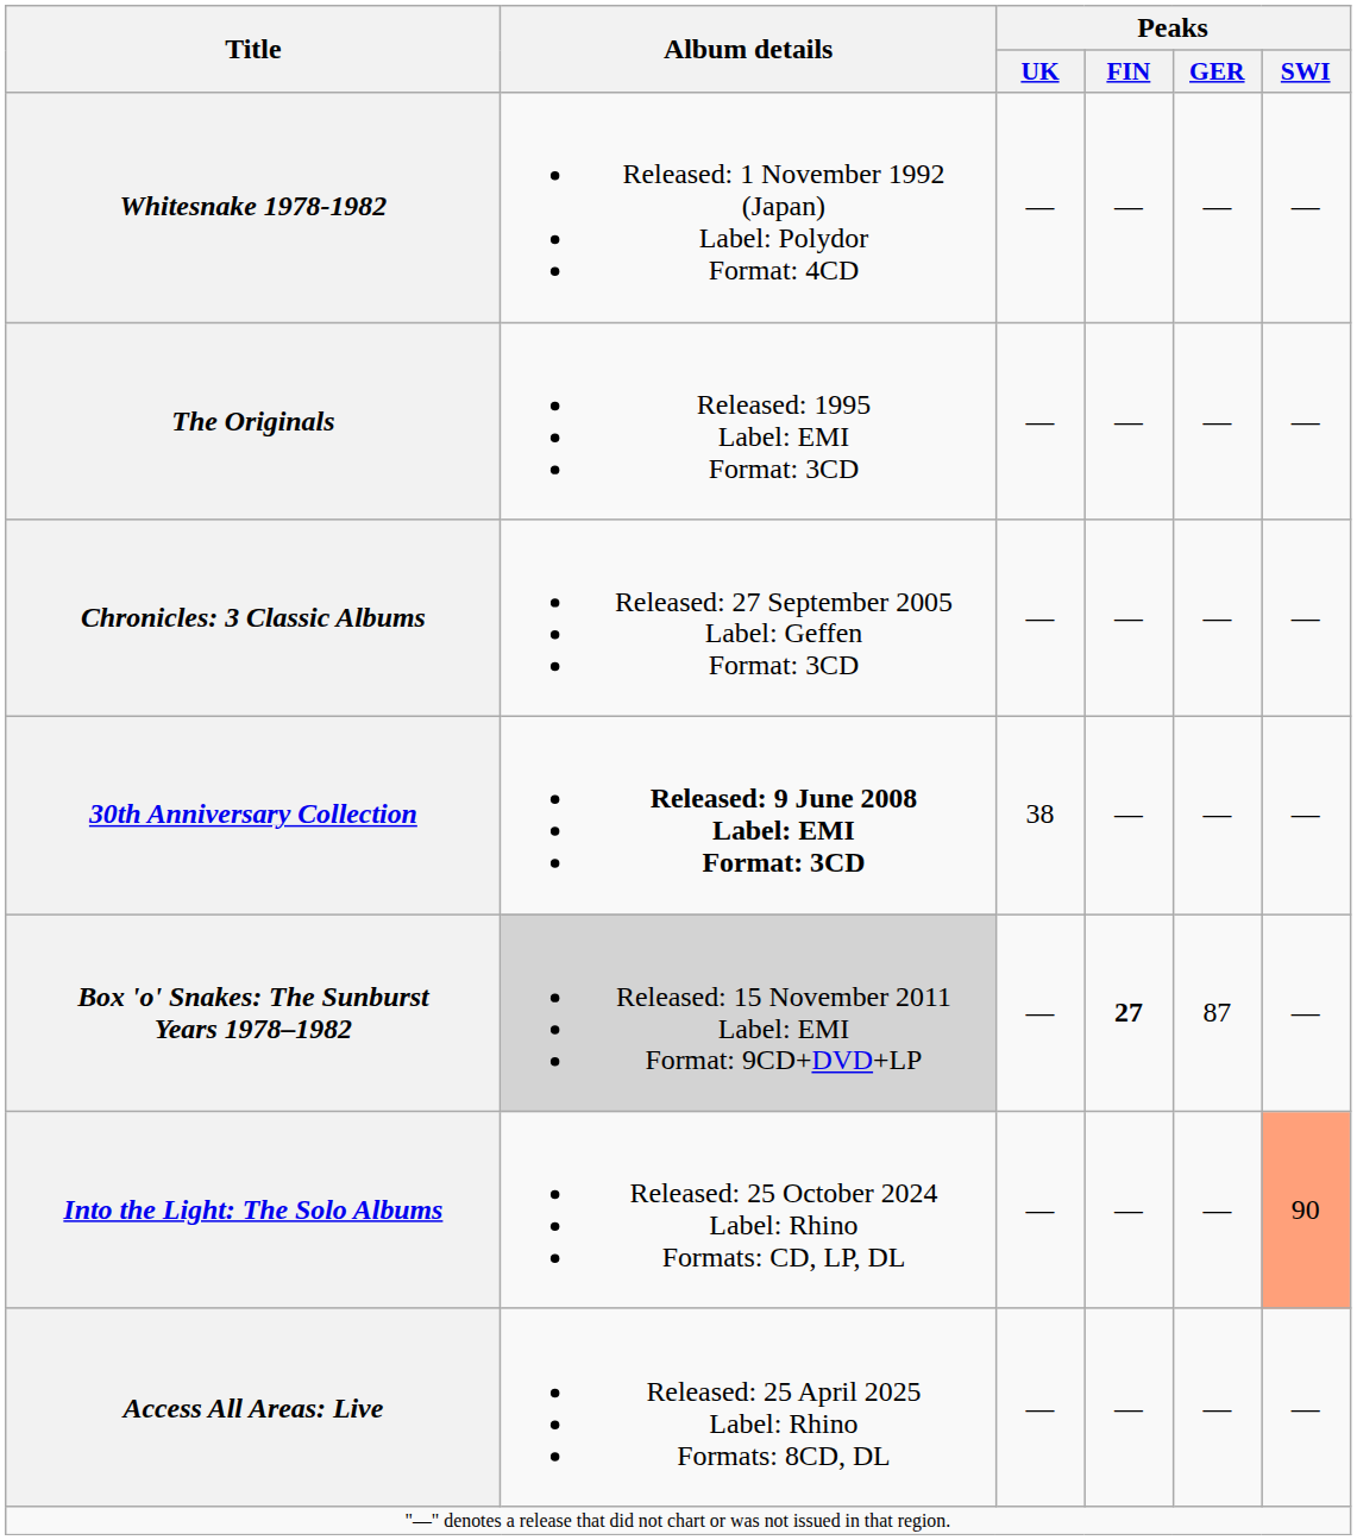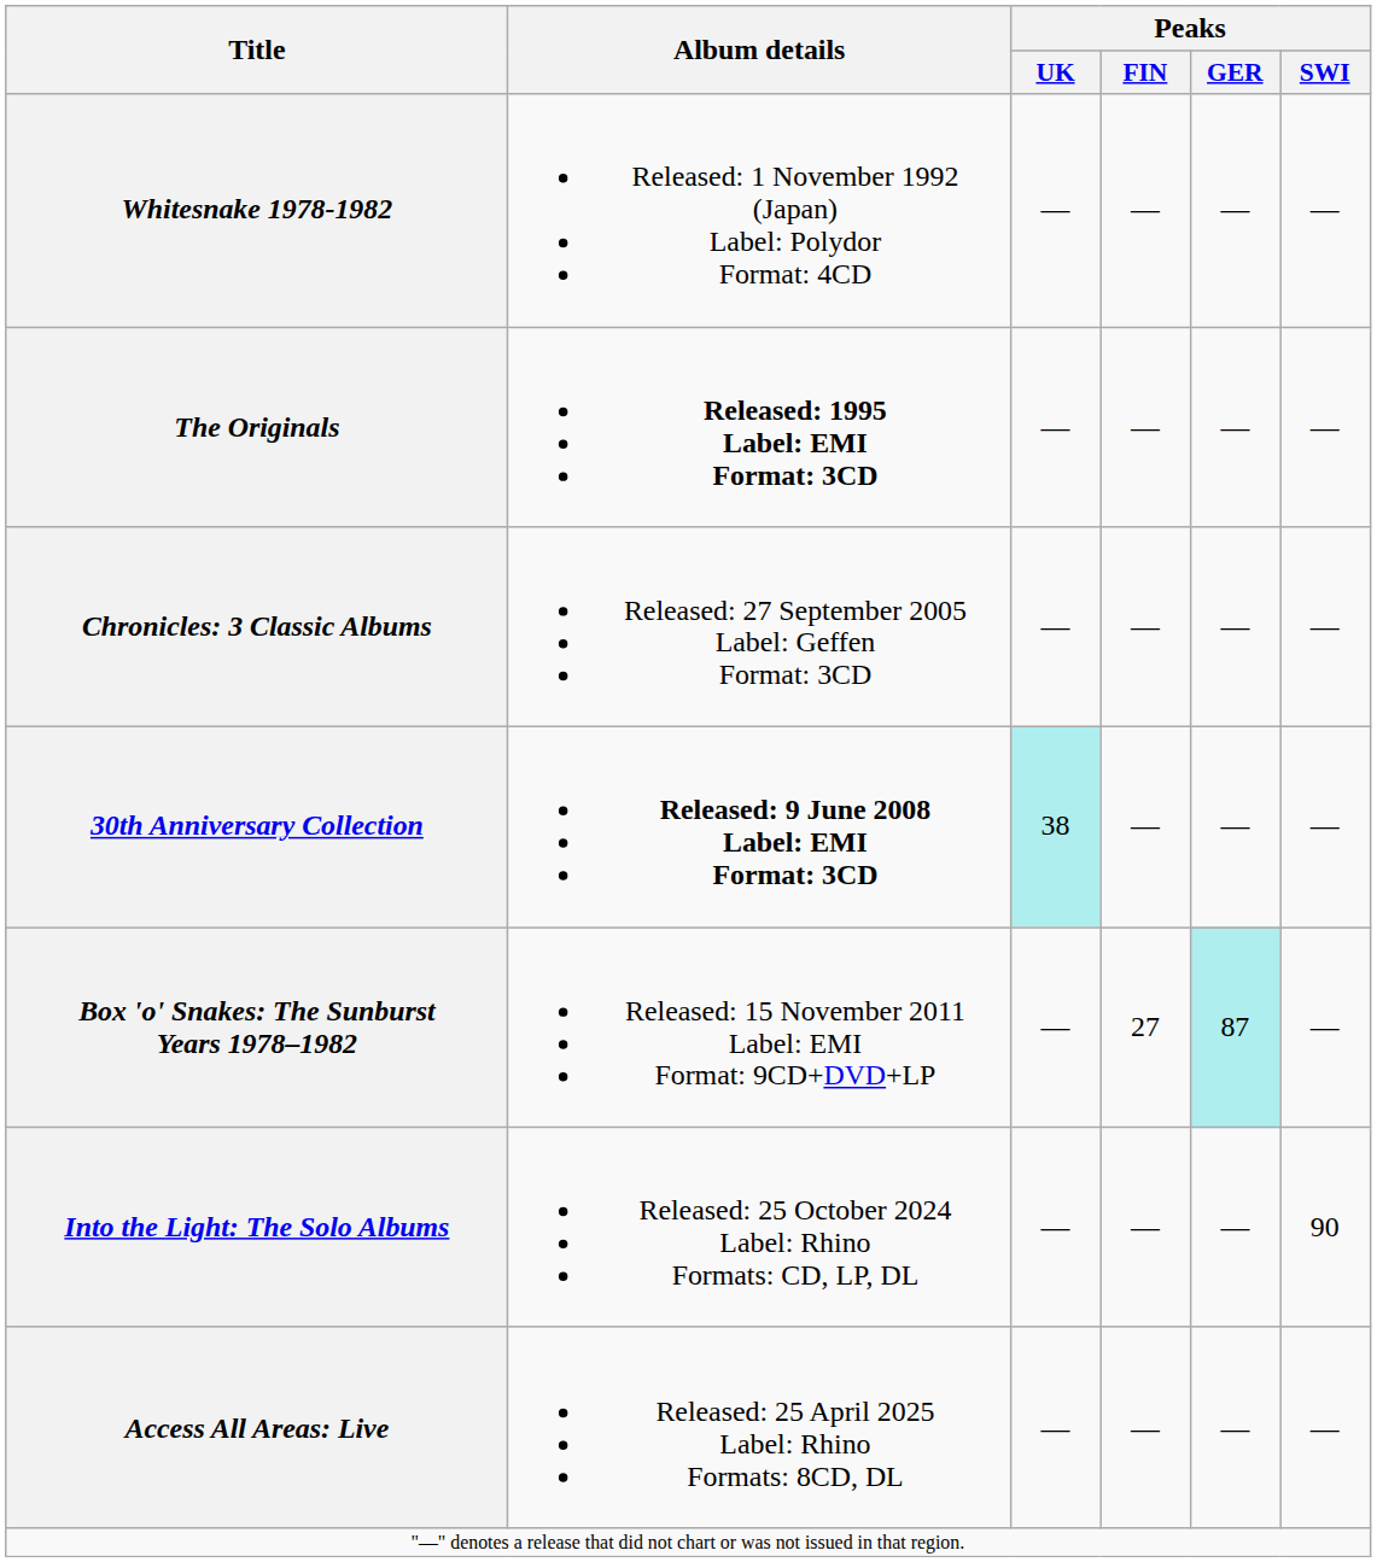 <table class="wikitable plainrowheaders" style="text-align:center;">
 <tr>
 <th scope="col" rowspan="2" style="width:17em;">Title</th>
 <th scope="col" rowspan="2" style="width:17em;">Album details</th>
 <th scope="col" colspan="4">Peaks</th>
 </tr>
 <tr>
 <th scope="col" style="width:3em;font-size:90%;"><a href='#'>UK</a><br></th>
 <th scope="col" style="width:3em;font-size:90%;"><a href='#'>FIN</a><br></th>
 <th scope="col" style="width:3em;font-size:90%;"><a href='#'>GER</a><br></th>
 <th scope="col" style="width:3em;font-size:90%;"><a href='#'>SWI</a><br></th>
 </tr>
 <tr>
 <th scope="row"><em>Whitesnake 1978-1982 </em></th>
 <td><br><ul><li>Released: 1 November 1992 (Japan)</li><li>Label: Polydor</li><li>Format: 4CD</li></ul></td>
 <td>—</td>
 <td>—</td>
 <td>—</td>
 <td>—</td>
 </tr>
 <tr>
 <th scope="row"><em>The Originals</em></th>
-<td><br><ul><li>Released: 1995</li><li>Label: EMI</li><li>Format: 3CD</li></ul></td>
+<td><strong><br><ul><li>Released: 1995</li><li>Label: EMI</li><li>Format: 3CD</li></ul></strong></td>
 <td>—</td>
 <td>—</td>
 <td>—</td>
 <td>—</td>
 </tr>
 <tr>
 <th scope="row"><em>Chronicles: 3 Classic Albums</em></th>
 <td><br><ul><li>Released: 27 September 2005</li><li>Label: Geffen</li><li>Format: 3CD</li></ul></td>
 <td>—</td>
 <td>—</td>
 <td>—</td>
 <td>—</td>
 </tr>
 <tr>
 <th scope="row"><em><a href='#'>30th Anniversary Collection</a></em></th>
 <td><strong><br><ul><li>Released: 9 June 2008</li><li>Label: EMI</li><li>Format: 3CD</li></ul></strong></td>
-<td>38</td>
+<td style="background: paleturquoise;">38</td>
 <td>—</td>
 <td>—</td>
 <td>—</td>
 </tr>
 <tr>
 <th scope="row"><em>Box 'o' Snakes: The Sunburst</em><br><em>Years 1978–1982</em></th>
-<td style="background: lightgrey;"><br><ul><li>Released: 15 November 2011</li><li>Label: EMI</li><li>Format: 9CD+<a href='#'>DVD</a>+LP</li></ul></td>
+<td><br><ul><li>Released: 15 November 2011</li><li>Label: EMI</li><li>Format: 9CD+<a href='#'>DVD</a>+LP</li></ul></td>
 <td>—</td>
-<td><strong>27</strong></td>
-<td>87</td>
+<td>27</td>
+<td style="background: paleturquoise;">87</td>
 <td>—</td>
 </tr>
 <tr>
 <th scope="row"><em><a href='#'>Into the Light: The Solo Albums</a></em></th>
 <td><br><ul><li>Released: 25 October 2024</li><li>Label: Rhino</li><li>Formats: CD, LP, DL</li></ul></td>
 <td>—</td>
 <td>—</td>
 <td>—</td>
-<td style="background: lightsalmon;">90</td>
+<td>90</td>
 </tr>
 <tr>
 <th scope="row"><em>Access All Areas: Live</em></th>
 <td><br><ul><li>Released: 25 April 2025</li><li>Label: Rhino</li><li>Formats: 8CD, DL</li></ul></td>
 <td>—</td>
 <td>—</td>
 <td>—</td>
 <td>—</td>
 </tr>
 <tr>
 <td align="center" colspan="6" style="font-size: 8pt">"—" denotes a release that did not chart or was not issued in that region.</td>
 </tr>
 </table>
